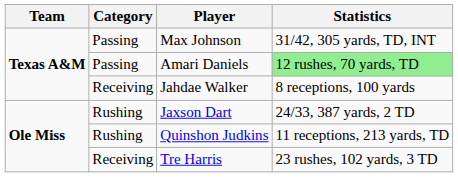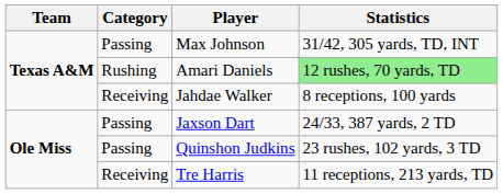 <table class="wikitable" style="float: right;">
 <tr>
 <th>Team</th>
 <th>Category</th>
 <th>Player</th>
 <th>Statistics</th>
 </tr>
 <tr>
 <td rowspan=3><strong>Texas A&M</strong></td>
 <td>Passing</td>
 <td>Max Johnson</td>
 <td>31/42, 305 yards, TD, INT</td>
 </tr>
 <tr>
-<td>Passing</td>
+<td>Rushing</td>
 <td>Amari Daniels</td>
 <td style="background: lightgreen;">12 rushes, 70 yards, TD</td>
 </tr>
 <tr>
 <td>Receiving</td>
 <td>Jahdae Walker</td>
 <td>8 receptions, 100 yards</td>
 </tr>
 <tr>
 <td rowspan=3><strong>Ole Miss</strong></td>
-<td>Rushing</td>
+<td>Passing</td>
 <td><a href='#'>Jaxson Dart</a></td>
 <td>24/33, 387 yards, 2 TD</td>
 </tr>
 <tr>
-<td>Rushing</td>
+<td>Passing</td>
 <td><a href='#'>Quinshon Judkins</a></td>
-<td>11 receptions, 213 yards, TD</td>
+<td>23 rushes, 102 yards, 3 TD</td>
 </tr>
 <tr>
 <td>Receiving</td>
 <td><a href='#'>Tre Harris</a></td>
-<td>23 rushes, 102 yards, 3 TD</td>
+<td>11 receptions, 213 yards, TD</td>
 </tr>
 </table>
